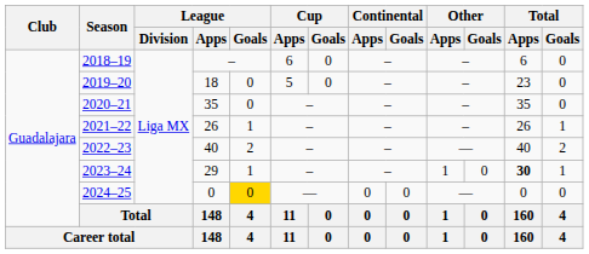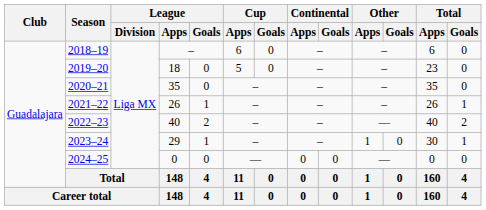 <table class="wikitable" style="text-align: center">
 <tr>
 <th rowspan="2">Club</th>
 <th rowspan="2">Season</th>
 <th colspan="3">League</th>
 <th colspan="2">Cup</th>
 <th colspan="2">Continental</th>
 <th colspan="2">Other</th>
 <th colspan="2">Total</th>
 </tr>
 <tr>
 <th>Division</th>
 <th>Apps</th>
 <th>Goals</th>
 <th>Apps</th>
 <th>Goals</th>
 <th>Apps</th>
 <th>Goals</th>
 <th>Apps</th>
 <th>Goals</th>
 <th>Apps</th>
 <th>Goals</th>
 </tr>
 <tr>
 <td rowspan="8"><a href='#'>Guadalajara</a></td>
 <td><a href='#'>2018–19</a></td>
 <td rowspan="7"><a href='#'>Liga MX</a></td>
 <td colspan=2>–</td>
 <td>6</td>
 <td>0</td>
 <td colspan="2">–</td>
 <td colspan=2>–</td>
 <td>6</td>
 <td>0</td>
 </tr>
 <tr>
 <td><a href='#'>2019–20</a></td>
 <td>18</td>
 <td>0</td>
 <td>5</td>
 <td>0</td>
 <td colspan=2>–</td>
 <td colspan=2>–</td>
 <td>23</td>
 <td>0</td>
 </tr>
 <tr>
 <td><a href='#'>2020–21</a></td>
 <td>35</td>
 <td>0</td>
 <td colspan=2>–</td>
 <td colspan=2>–</td>
 <td colspan=2>–</td>
 <td>35</td>
 <td>0</td>
 </tr>
 <tr>
 <td><a href='#'>2021–22</a></td>
 <td>26</td>
 <td>1</td>
 <td colspan=2>–</td>
 <td colspan=2>–</td>
 <td colspan=2>–</td>
 <td>26</td>
 <td>1</td>
 </tr>
 <tr>
 <td><a href='#'>2022–23</a></td>
 <td>40</td>
 <td>2</td>
 <td colspan="2">–</td>
 <td colspan="2">–</td>
 <td colspan="2">—</td>
 <td>40</td>
 <td>2</td>
 </tr>
 <tr>
 <td><a href='#'>2023–24</a></td>
 <td>29</td>
 <td>1</td>
 <td colspan="2">–</td>
 <td colspan="2">–</td>
 <td>1</td>
 <td>0</td>
-<td><strong>30</strong></td>
+<td>30</td>
 <td>1</td>
 </tr>
 <tr>
 <td><a href='#'>2024–25</a></td>
 <td>0</td>
-<td style="background: gold;">0</td>
+<td>0</td>
 <td colspan=2>—</td>
 <td>0</td>
 <td>0</td>
 <td colspan=2>—</td>
 <td>0</td>
 <td>0</td>
 </tr>
 <tr>
 <th colspan="2">Total</th>
 <th>148</th>
 <th>4</th>
 <th>11</th>
 <th>0</th>
 <th>0</th>
 <th>0</th>
 <th>1</th>
 <th>0</th>
 <th>160</th>
 <th>4</th>
 </tr>
 <tr>
 <th colspan="3"><strong>Career total</strong></th>
 <th>148</th>
 <th>4</th>
 <th>11</th>
 <th>0</th>
 <th>0</th>
 <th>0</th>
 <th>1</th>
 <th>0</th>
 <th>160</th>
 <th>4</th>
 </tr>
 </table>
